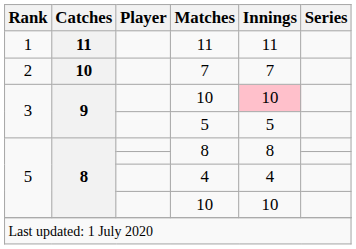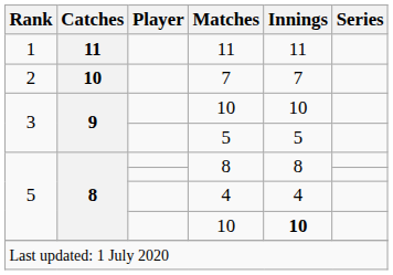 <table class="wikitable plainrowheaders sortable">
 <tr>
 <th scope=col>Rank</th>
 <th scope=col>Catches</th>
 <th scope=col>Player</th>
 <th scope=col>Matches</th>
 <th scope=col>Innings</th>
 <th scope=col>Series</th>
 </tr>
 <tr>
 <td align=center>1</td>
 <th scope=row style="text-align:center;">11</th>
 <td></td>
 <td align=center>11</td>
 <td align=center>11</td>
 <td></td>
 </tr>
 <tr>
 <td align=center>2</td>
 <th scope=row style="text-align:center;">10</th>
 <td></td>
 <td align=center>7</td>
 <td align=center>7</td>
 <td></td>
 </tr>
 <tr>
 <td align=center rowspan=2>3</td>
 <th scope=row style="text-align:center;" rowspan=2>9</th>
 <td></td>
 <td align=center>10</td>
-<td align=center style="background: pink;">10</td>
+<td align=center>10</td>
 <td></td>
 </tr>
 <tr>
 <td></td>
 <td align=center>5</td>
 <td align=center>5</td>
 <td></td>
 </tr>
 <tr>
 <td align=center rowspan=4>5</td>
 <th scope=row style="text-align:center;" rowspan=4>8</th>
 <td></td>
 <td align=center rowspan=2>8</td>
 <td align=center rowspan=2>8</td>
 <td></td>
 </tr>
 <tr>
 <td></td>
 <td></td>
 </tr>
 <tr>
 <td></td>
 <td align=center>4</td>
 <td align=center>4</td>
 <td></td>
 </tr>
 <tr>
 <td></td>
 <td align=center>10</td>
-<td align=center>10</td>
+<td align=center><strong>10</strong></td>
 <td></td>
 </tr>
 <tr>
 </tr>
 <tr class=sortbottom>
 <td colspan=6><small>Last updated: 1 July 2020</small></td>
 </tr>
 </table>
